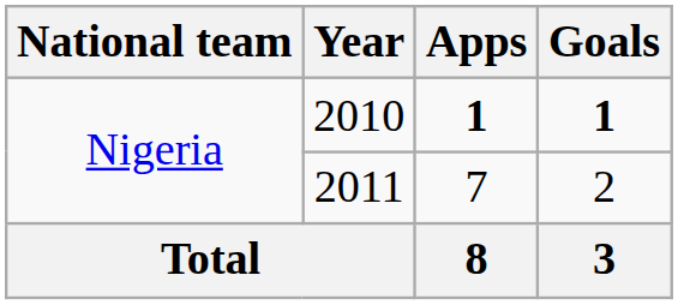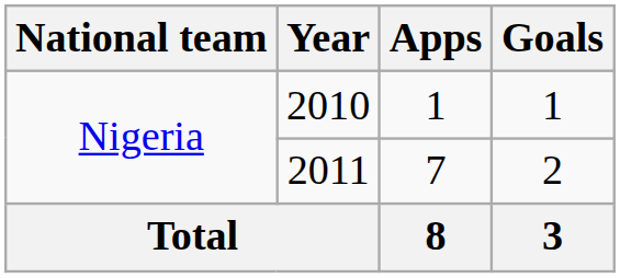 <table class=wikitable style=text-align:center>
 <tr>
 <th>National team</th>
 <th>Year</th>
 <th>Apps</th>
 <th>Goals</th>
 </tr>
 <tr>
 <td rowspan="2"><a href='#'>Nigeria</a></td>
 <td>2010</td>
-<td><strong>1</strong></td>
-<td><strong>1</strong></td>
+<td>1</td>
+<td>1</td>
 </tr>
 <tr>
 <td>2011</td>
 <td>7</td>
 <td>2</td>
 </tr>
 <tr>
 <th colspan="2">Total</th>
 <th>8</th>
 <th>3</th>
 </tr>
 </table>
